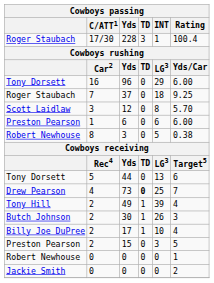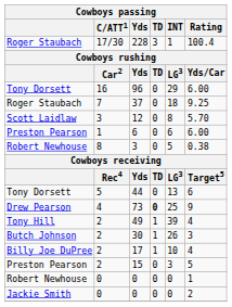 <table class="wikitable">
 <tr>
 <th colspan="6">Cowboys passing</th>
 </tr>
 <tr>
 <th></th>
 <th>C/ATT<sup>1</sup></th>
 <th>Yds</th>
 <th>TD</th>
 <th>INT</th>
 <th>Rating</th>
 </tr>
 <tr>
 <td><a href='#'>Roger Staubach</a></td>
 <td>17/30</td>
 <td>228</td>
 <td>3</td>
 <td>1</td>
 <td>100.4</td>
 </tr>
 <tr>
 <th colspan="6">Cowboys rushing</th>
 </tr>
 <tr>
 <th></th>
 <th>Car<sup>2</sup></th>
 <th>Yds</th>
 <th>TD</th>
 <th>LG<sup>3</sup></th>
 <th>Yds/Car</th>
 </tr>
 <tr>
 <td><a href='#'>Tony Dorsett</a></td>
 <td>16</td>
 <td>96</td>
 <td>0</td>
 <td>29</td>
 <td>6.00</td>
 </tr>
 <tr>
 <td>Roger Staubach</td>
 <td>7</td>
 <td>37</td>
 <td>0</td>
 <td>18</td>
 <td>9.25</td>
 </tr>
 <tr>
 <td><a href='#'>Scott Laidlaw</a></td>
 <td>3</td>
 <td>12</td>
 <td>0</td>
 <td>8</td>
 <td>5.70</td>
 </tr>
 <tr>
 <td><a href='#'>Preston Pearson</a></td>
 <td>1</td>
 <td>6</td>
 <td>0</td>
 <td>6</td>
 <td>6.00</td>
 </tr>
 <tr>
 <td><a href='#'>Robert Newhouse</a></td>
 <td>8</td>
 <td>3</td>
 <td>0</td>
 <td>5</td>
 <td>0.38</td>
 </tr>
 <tr>
 <th colspan="6">Cowboys receiving</th>
 </tr>
 <tr>
 <th></th>
 <th>Rec<sup>4</sup></th>
 <th>Yds</th>
 <th>TD</th>
 <th>LG<sup>3</sup></th>
 <th>Target<sup>5</sup></th>
 </tr>
 <tr>
 <td>Tony Dorsett</td>
 <td>5</td>
 <td>44</td>
 <td>0</td>
 <td>13</td>
 <td>6</td>
 </tr>
 <tr>
 <td><a href='#'>Drew Pearson</a></td>
 <td>4</td>
 <td>73</td>
 <td><strong>0</strong></td>
 <td>25</td>
-<td>7</td>
+<td>9</td>
 </tr>
 <tr>
 <td><a href='#'>Tony Hill</a></td>
 <td>2</td>
 <td>49</td>
 <td>1</td>
 <td>39</td>
 <td>4</td>
 </tr>
 <tr>
 <td><a href='#'>Butch Johnson</a></td>
 <td>2</td>
 <td>30</td>
 <td>1</td>
 <td>26</td>
 <td>3</td>
 </tr>
 <tr>
 <td><a href='#'>Billy Joe DuPree</a></td>
 <td>2</td>
 <td>17</td>
 <td>1</td>
 <td>10</td>
 <td>4</td>
 </tr>
 <tr>
 <td>Preston Pearson</td>
 <td>2</td>
 <td>15</td>
 <td>0</td>
 <td>3</td>
 <td>5</td>
 </tr>
 <tr>
 <td>Robert Newhouse</td>
 <td>0</td>
 <td>0</td>
 <td>0</td>
 <td>0</td>
 <td>1</td>
 </tr>
 <tr>
 <td><a href='#'>Jackie Smith</a></td>
 <td>0</td>
 <td>0</td>
 <td>0</td>
 <td>0</td>
 <td>2</td>
 </tr>
 <tr>
 </tr>
 </table>
